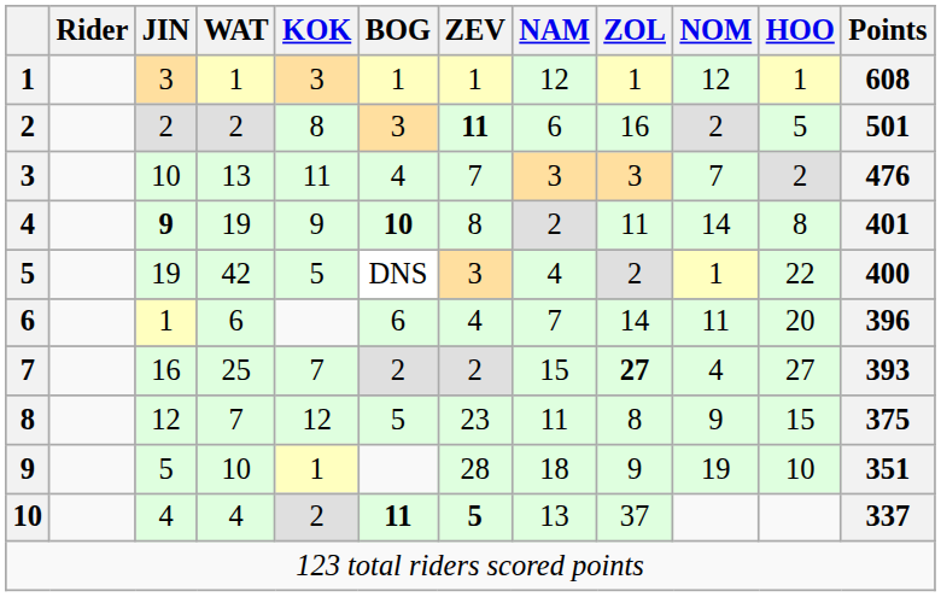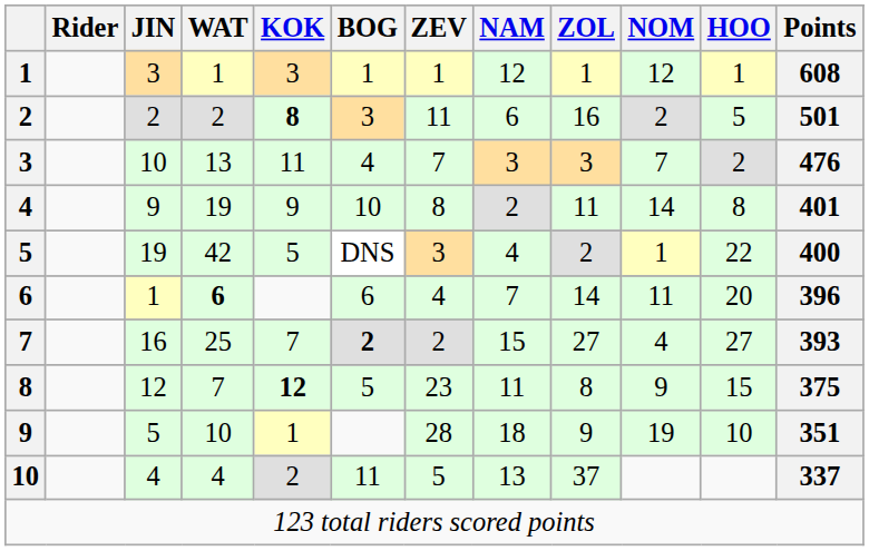 <table class="wikitable" style="font-size: 90%; text-align:center">
 <tr style="vertical-align:middle;">
 <th style="vertical-align:middle"></th>
 <th style="vertical-align:middle;background">Rider</th>
 <th>JIN<br></th>
 <th>WAT<br></th>
 <th><a href='#'>KOK</a><br></th>
 <th>BOG<br></th>
 <th>ZEV<br></th>
 <th><a href='#'>NAM</a><br></th>
 <th><a href='#'>ZOL</a><br></th>
 <th><a href='#'>NOM</a><br></th>
 <th><a href='#'>HOO</a><br></th>
 <th style="vertical-align:middle">Points</th>
 </tr>
 <tr>
 <th>1</th>
 <td style="text-align:left"></td>
 <td style="background-color:#ffdf9f">3</td>
 <td style="background-color:#ffffbf">1</td>
 <td style="background-color:#ffdf9f">3</td>
 <td style="background-color:#ffffbf">1</td>
 <td style="background-color:#ffffbf">1</td>
 <td style="background-color:#dfffdf">12</td>
 <td style="background-color:#ffffbf">1</td>
 <td style="background-color:#dfffdf">12</td>
 <td style="background-color:#ffffbf">1</td>
 <th>608</th>
 </tr>
 <tr>
 <th>2</th>
 <td style="text-align:left"></td>
 <td style="background-color:#dfdfdf">2</td>
 <td style="background-color:#dfdfdf">2</td>
-<td style="background-color:#dfffdf">8</td>
+<td style="background-color:#dfffdf"><strong>8</strong></td>
 <td style="background-color:#ffdf9f">3</td>
-<td style="background-color:#dfffdf"><strong>11</strong></td>
+<td style="background-color:#dfffdf">11</td>
 <td style="background-color:#dfffdf">6</td>
 <td style="background-color:#dfffdf">16</td>
 <td style="background-color:#dfdfdf">2</td>
 <td style="background-color:#dfffdf">5</td>
 <th>501</th>
 </tr>
 <tr>
 <th>3</th>
 <td style="text-align:left"></td>
 <td style="background-color:#dfffdf">10</td>
 <td style="background-color:#dfffdf">13</td>
 <td style="background-color:#dfffdf">11</td>
 <td style="background-color:#dfffdf">4</td>
 <td style="background-color:#dfffdf">7</td>
 <td style="background-color:#ffdf9f">3</td>
 <td style="background-color:#ffdf9f">3</td>
 <td style="background-color:#dfffdf">7</td>
 <td style="background-color:#dfdfdf">2</td>
 <th>476</th>
 </tr>
 <tr>
 <th>4</th>
 <td style="text-align:left"></td>
-<td style="background-color:#dfffdf"><strong>9</strong></td>
+<td style="background-color:#dfffdf">9</td>
 <td style="background-color:#dfffdf">19</td>
 <td style="background-color:#dfffdf">9</td>
-<td style="background-color:#dfffdf"><strong>10</strong></td>
+<td style="background-color:#dfffdf">10</td>
 <td style="background-color:#dfffdf">8</td>
 <td style="background-color:#dfdfdf">2</td>
 <td style="background-color:#dfffdf">11</td>
 <td style="background-color:#dfffdf">14</td>
 <td style="background-color:#dfffdf">8</td>
 <th>401</th>
 </tr>
 <tr>
 <th>5</th>
 <td style="text-align:left"></td>
 <td style="background-color:#dfffdf">19</td>
 <td style="background-color:#dfffdf">42</td>
 <td style="background-color:#dfffdf">5</td>
 <td style="background-color:#ffffff">DNS</td>
 <td style="background-color:#ffdf9f">3</td>
 <td style="background-color:#dfffdf">4</td>
 <td style="background-color:#dfdfdf">2</td>
 <td style="background-color:#ffffbf">1</td>
 <td style="background-color:#dfffdf">22</td>
 <th>400</th>
 </tr>
 <tr>
 <th>6</th>
 <td style="text-align:left"></td>
 <td style="background-color:#ffffbf">1</td>
-<td style="background-color:#dfffdf">6</td>
+<td style="background-color:#dfffdf"><strong>6</strong></td>
 <td></td>
 <td style="background-color:#dfffdf">6</td>
 <td style="background-color:#dfffdf">4</td>
 <td style="background-color:#dfffdf">7</td>
 <td style="background-color:#dfffdf">14</td>
 <td style="background-color:#dfffdf">11</td>
 <td style="background-color:#dfffdf">20</td>
 <th>396</th>
 </tr>
 <tr>
 <th>7</th>
 <td style="text-align:left"></td>
 <td style="background-color:#dfffdf">16</td>
 <td style="background-color:#dfffdf">25</td>
 <td style="background-color:#dfffdf">7</td>
-<td style="background-color:#dfdfdf">2</td>
+<td style="background-color:#dfdfdf"><strong>2</strong></td>
 <td style="background-color:#dfdfdf">2</td>
 <td style="background-color:#dfffdf">15</td>
-<td style="background-color:#dfffdf"><strong>27</strong></td>
+<td style="background-color:#dfffdf">27</td>
 <td style="background-color:#dfffdf">4</td>
 <td style="background-color:#dfffdf">27</td>
 <th>393</th>
 </tr>
 <tr>
 <th>8</th>
 <td style="text-align:left"></td>
 <td style="background-color:#dfffdf">12</td>
 <td style="background-color:#dfffdf">7</td>
-<td style="background-color:#dfffdf">12</td>
+<td style="background-color:#dfffdf"><strong>12</strong></td>
 <td style="background-color:#dfffdf">5</td>
 <td style="background-color:#dfffdf">23</td>
 <td style="background-color:#dfffdf">11</td>
 <td style="background-color:#dfffdf">8</td>
 <td style="background-color:#dfffdf">9</td>
 <td style="background-color:#dfffdf">15</td>
 <th>375</th>
 </tr>
 <tr>
 <th>9</th>
 <td style="text-align:left"></td>
 <td style="background-color:#dfffdf">5</td>
 <td style="background-color:#dfffdf">10</td>
 <td style="background-color:#ffffbf">1</td>
 <td></td>
 <td style="background-color:#dfffdf">28</td>
 <td style="background-color:#dfffdf">18</td>
 <td style="background-color:#dfffdf">9</td>
 <td style="background-color:#dfffdf">19</td>
 <td style="background-color:#dfffdf">10</td>
 <th>351</th>
 </tr>
 <tr>
 <th>10</th>
 <td style="text-align:left"></td>
 <td style="background-color:#dfffdf">4</td>
 <td style="background-color:#dfffdf">4</td>
 <td style="background-color:#dfdfdf">2</td>
-<td style="background-color:#dfffdf"><strong>11</strong></td>
-<td style="background-color:#dfffdf"><strong>5</strong></td>
+<td style="background-color:#dfffdf">11</td>
+<td style="background-color:#dfffdf">5</td>
 <td style="background-color:#dfffdf">13</td>
 <td style="background-color:#dfffdf">37</td>
 <td></td>
 <td></td>
 <th>337</th>
 </tr>
 <tr>
 <td colspan=12><em>123 total riders scored points</em></td>
 </tr>
 </table>
